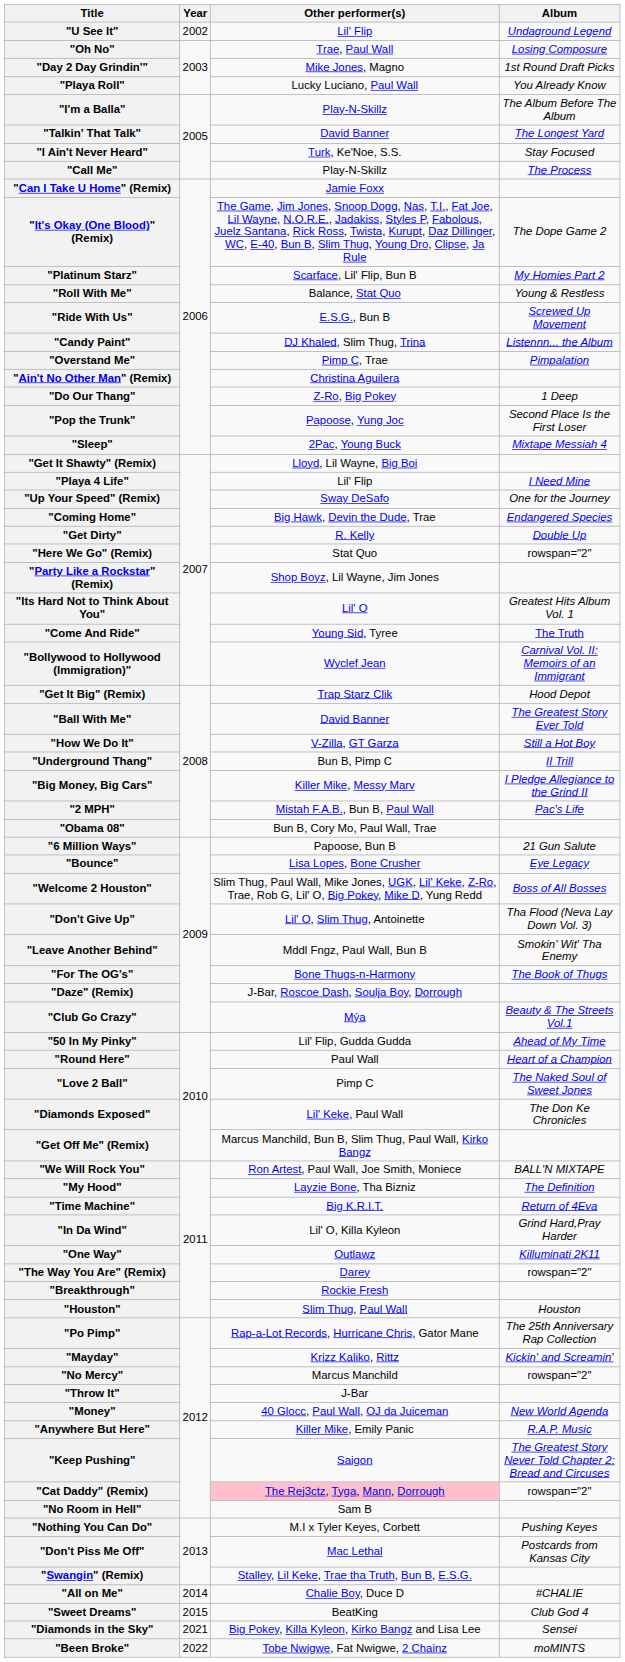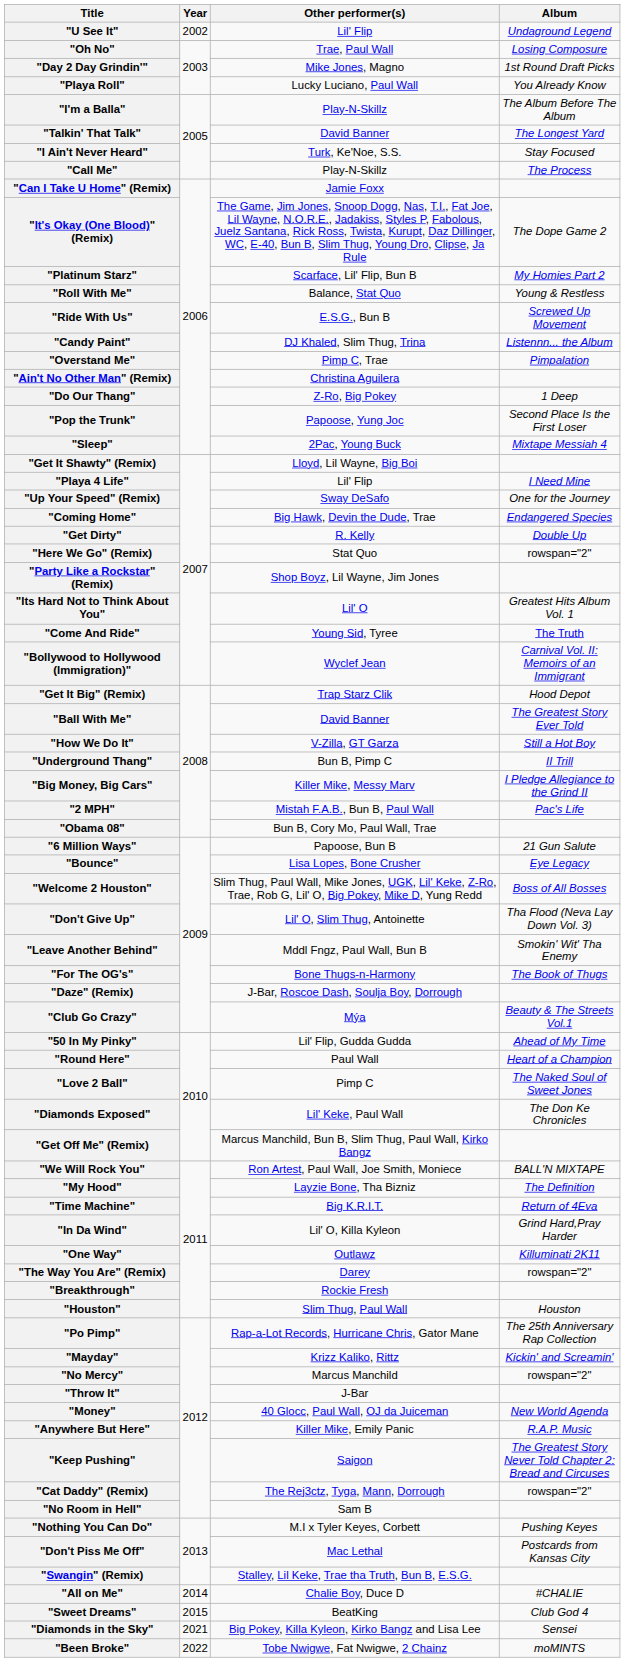 <table class="wikitable plainrowheaders" style="text-align:center;">
 <tr>
 <th scope="col" style="width:15em;">Title</th>
 <th scope="col">Year</th>
 <th scope="col">Other performer(s)</th>
 <th scope="col">Album</th>
 </tr>
 <tr>
 <th scope="row">"U See It"</th>
 <td>2002</td>
 <td><a href='#'>Lil' Flip</a></td>
 <td><em><a href='#'>Undaground Legend</a></em></td>
 </tr>
 <tr>
 <th scope="row">"Oh No"</th>
 <td rowspan="3">2003</td>
 <td><a href='#'>Trae</a>, <a href='#'>Paul Wall</a></td>
 <td><em><a href='#'>Losing Composure</a></em></td>
 </tr>
 <tr>
 <th scope="row">"Day 2 Day Grindin'"</th>
 <td><a href='#'>Mike Jones</a>, Magno</td>
 <td><em>1st Round Draft Picks </em></td>
 </tr>
 <tr>
 <th scope="row">"Playa Roll"</th>
 <td>Lucky Luciano, <a href='#'>Paul Wall</a></td>
 <td><em>You Already Know</em></td>
 </tr>
 <tr>
 <th scope="row">"I'm a Balla"</th>
 <td rowspan="4">2005</td>
 <td><a href='#'>Play-N-Skillz</a></td>
 <td><em>The Album Before The Album</em></td>
 </tr>
 <tr>
 <th scope="row">"Talkin' That Talk"</th>
 <td><a href='#'>David Banner</a></td>
 <td><em><a href='#'>The Longest Yard</a></em></td>
 </tr>
 <tr>
 <th scope="row">"I Ain't Never Heard"</th>
 <td><a href='#'>Turk</a>, Ke'Noe, S.S.</td>
 <td><em>Stay Focused</em></td>
 </tr>
 <tr>
 <th scope="row">"Call Me"</th>
 <td>Play-N-Skillz</td>
 <td><em><a href='#'>The Process</a></em></td>
 </tr>
 <tr>
 <th scope="row">"<a href='#'>Can I Take U Home</a>" (Remix)</th>
 <td rowspan="11">2006</td>
 <td><a href='#'>Jamie Foxx</a></td>
 <td></td>
 </tr>
 <tr>
 <th scope="row">"<a href='#'>It's Okay (One Blood)</a>" (Remix)</th>
 <td><a href='#'>The Game</a>, <a href='#'>Jim Jones</a>, <a href='#'>Snoop Dogg</a>, <a href='#'>Nas</a>, <a href='#'>T.I.</a>, <a href='#'>Fat Joe</a>, <a href='#'>Lil Wayne</a>, <a href='#'>N.O.R.E.</a>, <a href='#'>Jadakiss</a>, <a href='#'>Styles P</a>, <a href='#'>Fabolous</a>, <a href='#'>Juelz Santana</a>, <a href='#'>Rick Ross</a>, <a href='#'>Twista</a>, <a href='#'>Kurupt</a>, <a href='#'>Daz Dillinger</a>, <a href='#'>WC</a>, <a href='#'>E-40</a>, <a href='#'>Bun B</a>, <a href='#'>Slim Thug</a>, <a href='#'>Young Dro</a>, <a href='#'>Clipse</a>, <a href='#'>Ja Rule</a></td>
 <td><em>The Dope Game 2</em></td>
 </tr>
 <tr>
 <th scope="row">"Platinum Starz"</th>
 <td><a href='#'>Scarface</a>, Lil' Flip, Bun B</td>
 <td><em><a href='#'>My Homies Part 2</a></em></td>
 </tr>
 <tr>
 <th scope="row">"Roll With Me"</th>
 <td>Balance, <a href='#'>Stat Quo</a></td>
 <td><em>Young & Restless</em></td>
 </tr>
 <tr>
 <th scope="row">"Ride With Us"</th>
 <td><a href='#'>E.S.G.</a>, Bun B</td>
 <td><em><a href='#'>Screwed Up Movement</a></em></td>
 </tr>
 <tr>
 <th scope="row">"Candy Paint"</th>
 <td><a href='#'>DJ Khaled</a>, Slim Thug, <a href='#'>Trina</a></td>
 <td><em><a href='#'>Listennn... the Album</a></em></td>
 </tr>
 <tr>
 <th scope="row">"Overstand Me"</th>
 <td><a href='#'>Pimp C</a>, Trae</td>
 <td><em><a href='#'>Pimpalation</a></em></td>
 </tr>
 <tr>
 <th scope="row">"<a href='#'>Ain't No Other Man</a>" (Remix)</th>
 <td><a href='#'>Christina Aguilera</a></td>
 <td></td>
 </tr>
 <tr>
 <th scope="row">"Do Our Thang"</th>
 <td><a href='#'>Z-Ro</a>, <a href='#'>Big Pokey</a></td>
 <td><em>1 Deep</em></td>
 </tr>
 <tr>
 <th scope="row">"Pop the Trunk"</th>
 <td><a href='#'>Papoose</a>, <a href='#'>Yung Joc</a></td>
 <td><em>Second Place Is the First Loser</em></td>
 </tr>
 <tr>
 <th scope="row">"Sleep"</th>
 <td><a href='#'>2Pac</a>, <a href='#'>Young Buck</a></td>
 <td><em><a href='#'>Mixtape Messiah 4</a></em></td>
 </tr>
 <tr>
 <th scope="row">"Get It Shawty" (Remix)</th>
 <td rowspan="10">2007</td>
 <td><a href='#'>Lloyd</a>, Lil Wayne, <a href='#'>Big Boi</a></td>
 <td></td>
 </tr>
 <tr>
 <th scope="row">"Playa 4 Life"</th>
 <td>Lil' Flip</td>
 <td><em><a href='#'>I Need Mine</a></em></td>
 </tr>
 <tr>
 <th scope="row">"Up Your Speed" (Remix)</th>
 <td><a href='#'>Sway DeSafo</a></td>
 <td><em>One for the Journey</em></td>
 </tr>
 <tr>
 <th scope="row">"Coming Home"</th>
 <td><a href='#'>Big Hawk</a>, <a href='#'>Devin the Dude</a>, Trae</td>
 <td><em><a href='#'>Endangered Species</a></em></td>
 </tr>
 <tr>
 <th scope="row">"Get Dirty"</th>
 <td><a href='#'>R. Kelly</a></td>
 <td><em><a href='#'>Double Up</a></em></td>
 </tr>
 <tr>
 <th scope="row">"Here We Go" (Remix)</th>
 <td>Stat Quo</td>
 <td>rowspan="2" </td>
 </tr>
 <tr>
 <th scope="row">"<a href='#'>Party Like a Rockstar</a>" (Remix)</th>
 <td><a href='#'>Shop Boyz</a>, Lil Wayne, Jim Jones</td>
 </tr>
 <tr>
 <th scope="row">"Its Hard Not to Think About You"</th>
 <td><a href='#'>Lil' O</a></td>
 <td><em>Greatest Hits Album Vol. 1</em></td>
 </tr>
 <tr>
 <th scope="row">"Come And Ride"</th>
 <td><a href='#'>Young Sid</a>, Tyree</td>
 <td><em><a href='#'></em>The Truth<em></a></em></td>
 </tr>
 <tr>
 <th scope="row">"Bollywood to Hollywood (Immigration)"</th>
 <td><a href='#'>Wyclef Jean</a></td>
 <td><em><a href='#'>Carnival Vol. II: Memoirs of an Immigrant</a></em></td>
 </tr>
 <tr>
 <th scope="row">"Get It Big" (Remix)</th>
 <td rowspan="7">2008</td>
 <td><a href='#'>Trap Starz Clik</a></td>
 <td><em>Hood Depot</em></td>
 </tr>
 <tr>
 <th scope="row">"Ball With Me"</th>
 <td><a href='#'>David Banner</a></td>
 <td><em><a href='#'>The Greatest Story Ever Told</a></em></td>
 </tr>
 <tr>
 <th scope="row">"How We Do It"</th>
 <td><a href='#'>V-Zilla</a>, <a href='#'>GT Garza</a></td>
 <td><em><a href='#'>Still a Hot Boy</a></em></td>
 </tr>
 <tr>
 <th scope="row">"Underground Thang"</th>
 <td>Bun B, Pimp C</td>
 <td><em><a href='#'>II Trill</a></em></td>
 </tr>
 <tr>
 <th scope="row">"Big Money, Big Cars"</th>
 <td><a href='#'>Killer Mike</a>, <a href='#'>Messy Marv</a></td>
 <td><em><a href='#'>I Pledge Allegiance to the Grind II</a></em></td>
 </tr>
 <tr>
 <th scope="row">"2 MPH"</th>
 <td><a href='#'>Mistah F.A.B.</a>, Bun B, <a href='#'>Paul Wall</a></td>
 <td><em><a href='#'>Pac's Life</a></em></td>
 </tr>
 <tr>
 <th scope="row">"Obama 08"</th>
 <td>Bun B, Cory Mo, Paul Wall, Trae</td>
 <td></td>
 </tr>
 <tr>
 <th scope="row">"6 Million Ways"</th>
 <td rowspan="8">2009</td>
 <td>Papoose, Bun B</td>
 <td><em>21 Gun Salute</em></td>
 </tr>
 <tr>
 <th scope="row">"Bounce"</th>
 <td><a href='#'>Lisa Lopes</a>, <a href='#'>Bone Crusher</a></td>
 <td><em><a href='#'>Eye Legacy</a></em></td>
 </tr>
 <tr>
 <th scope="row">"Welcome 2 Houston"</th>
 <td>Slim Thug, Paul Wall, Mike Jones, <a href='#'>UGK</a>, <a href='#'>Lil' Keke</a>, <a href='#'>Z-Ro</a>, Trae, Rob G, Lil' O, <a href='#'>Big Pokey</a>, <a href='#'>Mike D</a>, Yung Redd</td>
 <td><em><a href='#'>Boss of All Bosses</a></em></td>
 </tr>
 <tr>
 <th scope="row">"Don't Give Up"</th>
 <td><a href='#'>Lil' O</a>, <a href='#'>Slim Thug</a>, Antoinette</td>
 <td><em>Tha Flood (Neva Lay Down Vol. 3)</em></td>
 </tr>
 <tr>
 <th scope="row">"Leave Another Behind"</th>
 <td>Mddl Fngz, Paul Wall, Bun B</td>
 <td><em>Smokin' Wit' Tha Enemy</em></td>
 </tr>
 <tr>
 <th scope="row">"For The OG's"</th>
 <td><a href='#'>Bone Thugs-n-Harmony</a></td>
 <td><em><a href='#'>The Book of Thugs</a></em></td>
 </tr>
 <tr>
 <th scope="row">"Daze" (Remix)</th>
 <td>J-Bar, <a href='#'>Roscoe Dash</a>, <a href='#'>Soulja Boy</a>, <a href='#'>Dorrough</a></td>
 <td></td>
 </tr>
 <tr>
 <th scope="row">"Club Go Crazy"</th>
 <td><a href='#'>Mýa</a></td>
 <td><em><a href='#'>Beauty & The Streets Vol.1</a></em></td>
 </tr>
 <tr>
 <th scope="row">"50 In My Pinky"</th>
 <td rowspan="5">2010</td>
 <td>Lil' Flip, Gudda Gudda</td>
 <td><em><a href='#'>Ahead of My Time</a></em></td>
 </tr>
 <tr>
 <th scope="row">"Round Here"</th>
 <td>Paul Wall</td>
 <td><em><a href='#'>Heart of a Champion</a></em></td>
 </tr>
 <tr>
 <th scope="row">"Love 2 Ball"</th>
 <td>Pimp C</td>
 <td><em><a href='#'>The Naked Soul of Sweet Jones</a></em></td>
 </tr>
 <tr>
 <th scope="row">"Diamonds Exposed"</th>
 <td><a href='#'>Lil' Keke</a>, Paul Wall</td>
 <td><em>The Don Ke Chronicles</em></td>
 </tr>
 <tr>
 <th scope="row">"Get Off Me" (Remix)</th>
 <td>Marcus Manchild, Bun B, Slim Thug, Paul Wall, <a href='#'>Kirko Bangz</a></td>
 <td></td>
 </tr>
 <tr>
 <th scope="row">"We Will Rock You"</th>
 <td rowspan="8">2011</td>
 <td><a href='#'>Ron Artest</a>, Paul Wall, Joe Smith, Moniece</td>
 <td><em>BALL'N MIXTAPE </em></td>
 </tr>
 <tr>
 <th scope="row">"My Hood"</th>
 <td><a href='#'>Layzie Bone</a>, Tha Bizniz</td>
 <td><em><a href='#'>The Definition</a></em></td>
 </tr>
 <tr>
 <th scope="row">"Time Machine"</th>
 <td><a href='#'>Big K.R.I.T.</a></td>
 <td><em><a href='#'>Return of 4Eva</a></em></td>
 </tr>
 <tr>
 <th scope="row">"In Da Wind"</th>
 <td>Lil' O, Killa Kyleon</td>
 <td><em>Grind Hard,Pray Harder</em></td>
 </tr>
 <tr>
 <th scope="row">"One Way"</th>
 <td><a href='#'>Outlawz</a></td>
 <td><em><a href='#'>Killuminati 2K11</a></em></td>
 </tr>
 <tr>
 <th scope="row">"The Way You Are" (Remix)</th>
 <td><a href='#'>Darey</a></td>
 <td>rowspan="2" </td>
 </tr>
 <tr>
 <th scope="row">"Breakthrough"</th>
 <td><a href='#'>Rockie Fresh</a></td>
 </tr>
 <tr>
 <th scope="row">"Houston"</th>
 <td><a href='#'>Slim Thug</a>, <a href='#'>Paul Wall</a></td>
 <td><em>Houston</em></td>
 </tr>
 <tr>
 <th scope="row">"Po Pimp"</th>
 <td rowspan="9">2012</td>
 <td><a href='#'>Rap-a-Lot Records</a>, <a href='#'>Hurricane Chris</a>, Gator Mane</td>
 <td><em>The 25th Anniversary Rap Collection</em></td>
 </tr>
 <tr>
 <th scope="row">"Mayday"</th>
 <td><a href='#'>Krizz Kaliko</a>, <a href='#'>Rittz</a></td>
 <td><em><a href='#'>Kickin' and Screamin'</a></em></td>
 </tr>
 <tr>
 <th scope="row">"No Mercy"</th>
 <td>Marcus Manchild</td>
 <td>rowspan="2" </td>
 </tr>
 <tr>
 <th scope="row">"Throw It"</th>
 <td>J-Bar</td>
 </tr>
 <tr>
 <th scope="row">"Money"</th>
 <td><a href='#'>40 Glocc</a>, <a href='#'>Paul Wall</a>, <a href='#'>OJ da Juiceman</a></td>
 <td><em><a href='#'>New World Agenda</a></em></td>
 </tr>
 <tr>
 <th scope="row">"Anywhere But Here"</th>
 <td><a href='#'>Killer Mike</a>, Emily Panic</td>
 <td><em><a href='#'>R.A.P. Music</a></em></td>
 </tr>
 <tr>
 <th scope="row">"Keep Pushing"</th>
 <td><a href='#'>Saigon</a></td>
 <td><em><a href='#'>The Greatest Story Never Told Chapter 2: Bread and Circuses</a></em></td>
 </tr>
 <tr>
 <th scope="row">"Cat Daddy" (Remix)</th>
-<td style="background: pink;"><a href='#'>The Rej3ctz</a>, <a href='#'>Tyga</a>, <a href='#'>Mann</a>, <a href='#'>Dorrough</a></td>
+<td><a href='#'>The Rej3ctz</a>, <a href='#'>Tyga</a>, <a href='#'>Mann</a>, <a href='#'>Dorrough</a></td>
 <td>rowspan="2" </td>
 </tr>
 <tr>
 <th scope="row">"No Room in Hell"</th>
 <td>Sam B</td>
 </tr>
 <tr>
 <th scope="row">"Nothing You Can Do"</th>
 <td rowspan="3">2013</td>
 <td>M.I x Tyler Keyes, Corbett</td>
 <td><em>Pushing Keyes</em></td>
 </tr>
 <tr>
 <th scope="row">"Don't Piss Me Off"</th>
 <td><a href='#'>Mac Lethal</a></td>
 <td><em>Postcards from Kansas City</em></td>
 </tr>
 <tr>
 <th scope="row">"<a href='#'>Swangin</a>" (Remix)</th>
 <td><a href='#'>Stalley</a>, <a href='#'>Lil Keke</a>, <a href='#'>Trae tha Truth</a>, <a href='#'>Bun B</a>, <a href='#'>E.S.G.</a></td>
 <td></td>
 </tr>
 <tr>
 <th scope="row">"All on Me"</th>
 <td>2014</td>
 <td><a href='#'>Chalie Boy</a>, Duce D</td>
 <td><em>#CHALIE</em></td>
 </tr>
 <tr>
 <th scope="row">"Sweet Dreams"</th>
 <td rowspan="1">2015</td>
 <td>BeatKing</td>
 <td><em>Club God 4</em></td>
 </tr>
 <tr>
 <th scope="row">"Diamonds in the Sky"</th>
 <td rowspan="1">2021</td>
 <td><a href='#'>Big Pokey</a>, <a href='#'>Killa Kyleon</a>, <a href='#'>Kirko Bangz</a> and Lisa Lee</td>
 <td><em>Sensei</em></td>
 </tr>
 <tr>
 <th scope="row">"Been Broke"</th>
 <td rowspan="1">2022</td>
 <td><a href='#'>Tobe Nwigwe</a>, Fat Nwigwe, <a href='#'>2 Chainz</a></td>
 <td><em>moMINTS</em></td>
 </tr>
 </table>
